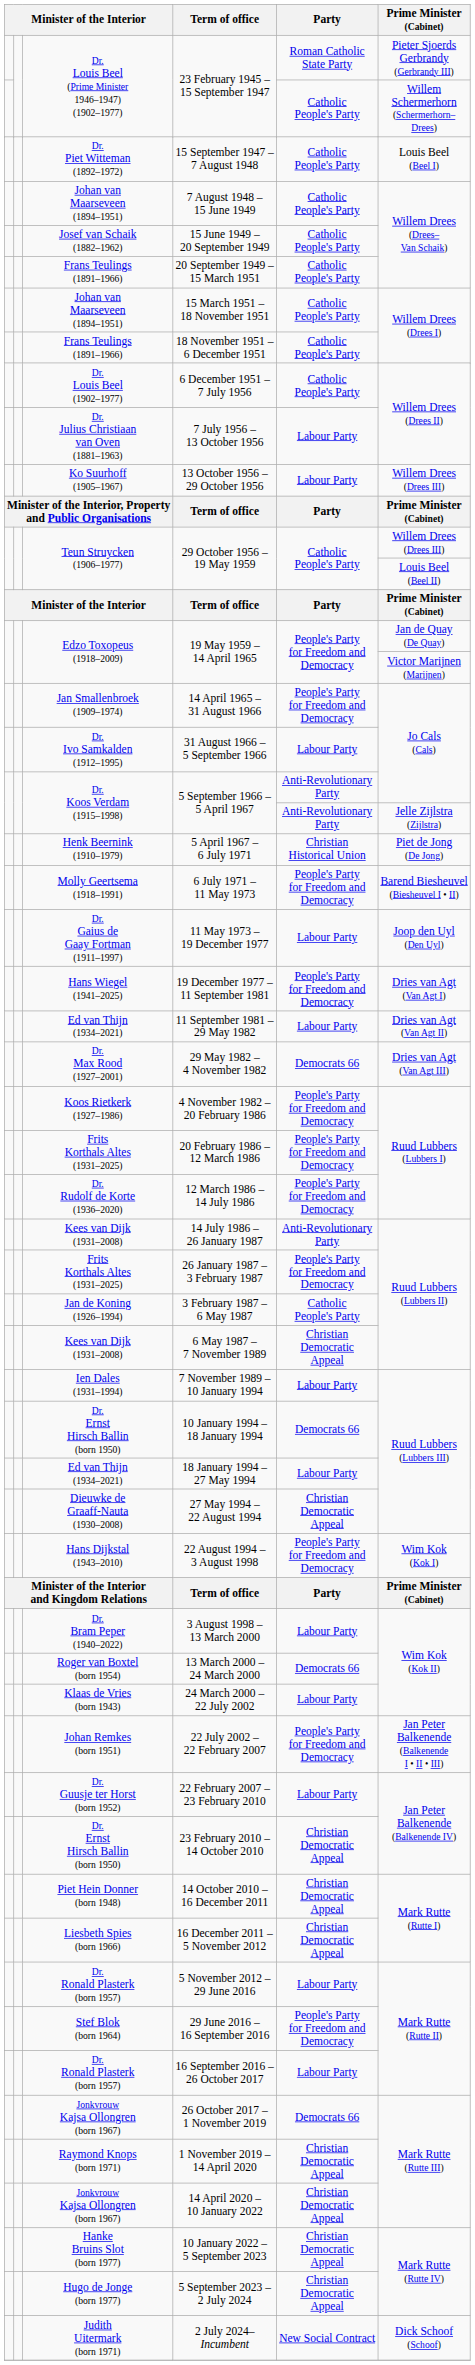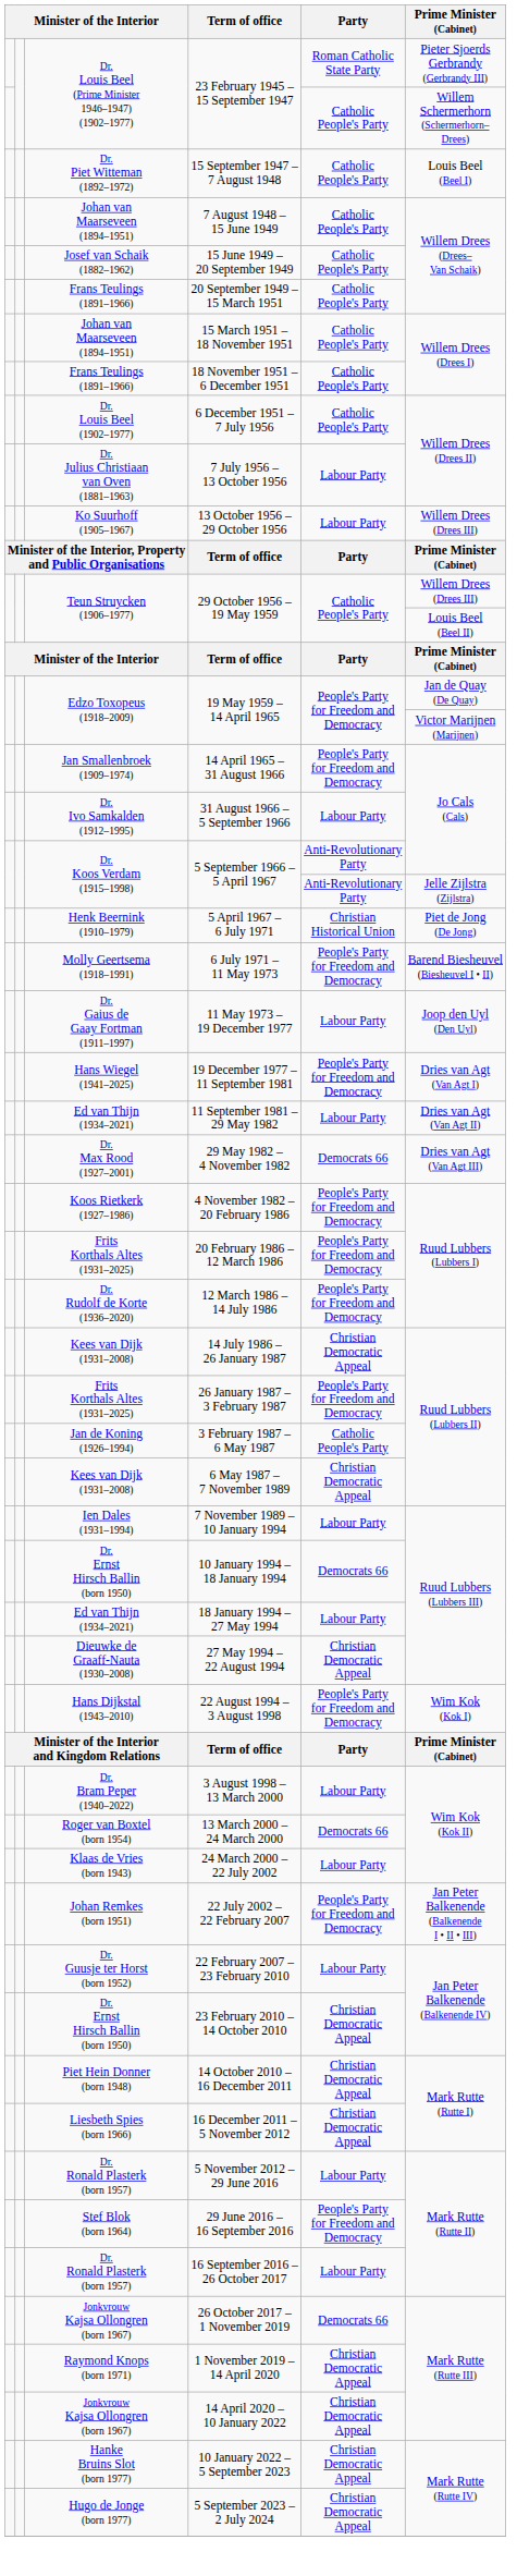 <table class="wikitable" style="text-align:center">
 <tr>
 <th colspan=3>Minister of the Interior</th>
 <th>Term of office</th>
 <th>Party</th>
 <th>Prime Minister <br> <small>(Cabinet)</small></th>
 </tr>
 <tr>
 <td style="background:"></td>
 <td rowspan=3></td>
 <td rowspan=3><small><a href='#'>Dr.</a></small> <br> <a href='#'>Louis Beel</a> <br> <small>(<a href='#'>Prime Minister</a> <br> 1946–1947)</small> <br> <small>(1902–1977)</small></td>
 <td rowspan=3>23 February 1945 – <br> 15 September 1947</td>
 <td><a href='#'>Roman Catholic <br> State Party</a></td>
 <td><a href='#'>Pieter Sjoerds <br> Gerbrandy</a> <br> <small>(<a href='#'>Gerbrandy III</a>)</small> </td>
 </tr>
 <tr>
 <td rowspan=2 style="background:"></td>
 <td rowspan=2><a href='#'>Catholic <br> People's Party</a></td>
 <td><a href='#'>Willem <br> Schermerhorn</a> <br> <small>(<a href='#'>Schermerhorn–<br>Drees</a>)</small> </td>
 </tr>
 <tr>
 <td rowspan=2>Louis Beel <br> <small>(<a href='#'>Beel I</a>)</small> <br></td>
 </tr>
 <tr>
 <td style="background:"></td>
 <td></td>
 <td><small><a href='#'>Dr.</a></small> <br> <a href='#'>Piet Witteman</a> <br> <small>(1892–1972)</small></td>
 <td>15 September 1947 – <br> 7 August 1948</td>
 <td><a href='#'>Catholic <br> People's Party</a></td>
 </tr>
 <tr>
 <td style="background:"></td>
 <td></td>
 <td><a href='#'>Johan van <br> Maarseveen</a> <br> <small>(1894–1951)</small></td>
 <td>7 August 1948 – <br> 15 June 1949 <br> </td>
 <td><a href='#'>Catholic <br> People's Party</a></td>
 <td rowspan=3><a href='#'>Willem Drees</a> <br> <small>(<a href='#'>Drees–<br>Van Schaik</a>)</small> <br></td>
 </tr>
 <tr>
 <td style="background:"></td>
 <td></td>
 <td><a href='#'>Josef van Schaik</a> <br> <small>(1882–1962)</small> <br> <small></small></td>
 <td>15 June 1949 – <br> 20 September 1949 <br>  </td>
 <td><a href='#'>Catholic <br> People's Party</a></td>
 </tr>
 <tr>
 <td style="background:"></td>
 <td></td>
 <td><a href='#'>Frans Teulings</a> <br> <small>(1891–1966)</small></td>
 <td>20 September 1949 – <br> 15 March 1951</td>
 <td><a href='#'>Catholic <br> People's Party</a></td>
 </tr>
 <tr>
 <td style="background:"></td>
 <td></td>
 <td><a href='#'>Johan van <br> Maarseveen</a> <br> <small>(1894–1951)</small></td>
 <td>15 March 1951 – <br> 18 November 1951 <br> </td>
 <td><a href='#'>Catholic <br> People's Party</a></td>
 <td rowspan=3><a href='#'>Willem Drees</a> <br> <small>(<a href='#'>Drees I</a>)</small> <br></td>
 </tr>
 <tr>
 <td style="background:"></td>
 <td></td>
 <td><a href='#'>Frans Teulings</a> <br> <small>(1891–1966)</small> <br> <small></small></td>
 <td>18 November 1951 – <br> 6 December 1951 <br>  </td>
 <td><a href='#'>Catholic <br> People's Party</a></td>
 </tr>
 <tr>
 <td rowspan=2 style="background:"></td>
 <td rowspan=2></td>
 <td rowspan=2><small><a href='#'>Dr.</a></small> <br> <a href='#'>Louis Beel</a> <br> <small>(1902–1977)</small> <br> <small></small></td>
 <td rowspan=2>6 December 1951 – <br> 7 July 1956 <br> </td>
 <td rowspan=2><a href='#'>Catholic <br> People's Party</a></td>
 </tr>
 <tr>
 <td rowspan=2><a href='#'>Willem Drees</a> <br> <small>(<a href='#'>Drees II</a>)</small> <br></td>
 </tr>
 <tr>
 <td style="background:"></td>
 <td></td>
 <td><small><a href='#'>Dr.</a></small> <br> <a href='#'>Julius Christiaan <br> van Oven</a> <br> <small>(1881–1963)</small></td>
 <td>7 July 1956 – <br> 13 October 1956 <br>  </td>
 <td><a href='#'>Labour Party</a></td>
 </tr>
 <tr>
 <td style="background:"></td>
 <td></td>
 <td><a href='#'>Ko Suurhoff</a> <br> <small>(1905–1967)</small></td>
 <td>13 October 1956 – <br> 29 October 1956 <br>  </td>
 <td><a href='#'>Labour Party</a></td>
 <td><a href='#'>Willem Drees</a> <br> <small>(<a href='#'>Drees III</a>)</small> <br></td>
 </tr>
 <tr>
 <th colspan=3>Minister of the Interior, Property <br> and <a href='#'>Public Organisations</a></th>
 <th>Term of office</th>
 <th>Party</th>
 <th>Prime Minister <br> <small>(Cabinet)</small></th>
 </tr>
 <tr>
 <td rowspan=2 style="background:"></td>
 <td rowspan=2></td>
 <td rowspan=2><a href='#'>Teun Struycken</a> <br> <small>(1906–1977)</small> <br> <small></small></td>
 <td rowspan=2>29 October 1956 – <br> 19 May 1959 <br> </td>
 <td rowspan=2><a href='#'>Catholic <br> People's Party</a></td>
 <td><a href='#'>Willem Drees</a> <br> <small>(<a href='#'>Drees III</a>)</small> <br></td>
 </tr>
 <tr>
 <td><a href='#'>Louis Beel</a> <br> <small>(<a href='#'>Beel II</a>)</small> <br></td>
 </tr>
 <tr>
 <th colspan=3>Minister of the Interior</th>
 <th>Term of office</th>
 <th>Party</th>
 <th>Prime Minister <br> <small>(Cabinet)</small></th>
 </tr>
 <tr>
 <td rowspan=2 style="background:"></td>
 <td rowspan=2></td>
 <td rowspan=2><a href='#'>Edzo Toxopeus</a> <br> <small>(1918–2009)</small></td>
 <td rowspan=2>19 May 1959 – <br> 14 April 1965</td>
 <td rowspan=2><a href='#'>People's Party <br> for Freedom and <br> Democracy</a></td>
 <td><a href='#'>Jan de Quay</a> <br> <small>(<a href='#'>De Quay</a>)</small> <br></td>
 </tr>
 <tr>
 <td><a href='#'>Victor Marijnen</a> <br> <small>(<a href='#'>Marijnen</a>)</small> <br></td>
 </tr>
 <tr>
 <td style="background:"></td>
 <td></td>
 <td><a href='#'>Jan Smallenbroek</a> <br> <small>(1909–1974)</small></td>
 <td>14 April 1965 – <br> 31 August 1966 <br> </td>
 <td><a href='#'>People's Party <br> for Freedom and <br> Democracy</a></td>
 <td rowspan=3><a href='#'>Jo Cals</a> <br> <small>(<a href='#'>Cals</a>)</small> <br></td>
 </tr>
 <tr>
 <td style="background:"></td>
 <td></td>
 <td><small><a href='#'>Dr.</a></small> <br> <a href='#'>Ivo Samkalden</a> <br> <small>(1912–1995)</small></td>
 <td>31 August 1966 – <br> 5 September 1966 <br>  </td>
 <td><a href='#'>Labour Party</a></td>
 </tr>
 <tr>
 <td rowspan=2 style="background:"></td>
 <td rowspan=2></td>
 <td rowspan=2><small><a href='#'>Dr.</a></small> <br> <a href='#'>Koos Verdam</a> <br> <small>(1915–1998)</small></td>
 <td rowspan=2>5 September 1966 – <br> 5 April 1967</td>
 <td><a href='#'>Anti-Revolutionary <br> Party</a></td>
 </tr>
 <tr>
 <td><a href='#'>Anti-Revolutionary <br> Party</a></td>
 <td><a href='#'>Jelle Zijlstra</a> <br> <small>(<a href='#'>Zijlstra</a>)</small> <br></td>
 </tr>
 <tr>
 <td style="background:"></td>
 <td></td>
 <td><a href='#'>Henk Beernink</a> <br> <small>(1910–1979)</small></td>
 <td>5 April 1967 – <br> 6 July 1971</td>
 <td><a href='#'>Christian <br> Historical Union</a></td>
 <td><a href='#'>Piet de Jong</a> <br> <small>(<a href='#'>De Jong</a>)</small> <br></td>
 </tr>
 <tr>
 <td style="background:"></td>
 <td></td>
 <td><a href='#'>Molly Geertsema</a> <br> <small>(1918–1991)</small> <br> <small></small></td>
 <td>6 July 1971 – <br> 11 May 1973</td>
 <td><a href='#'>People's Party <br> for Freedom and <br> Democracy</a></td>
 <td><a href='#'>Barend Biesheuvel</a> <br> <small>(<a href='#'>Biesheuvel I</a> • <a href='#'>II</a>)</small> <br></td>
 </tr>
 <tr>
 <td style="background:"></td>
 <td></td>
 <td><small><a href='#'>Dr.</a></small> <br> <a href='#'>Gaius de <br> Gaay Fortman</a> <br> <small>(1911–1997)</small> <br> <small></small></td>
 <td>11 May 1973 – <br> 19 December 1977 <br>  </td>
 <td><a href='#'>Labour Party</a></td>
 <td><a href='#'>Joop den Uyl</a> <br> <small>(<a href='#'>Den Uyl</a>)</small> <br></td>
 </tr>
 <tr>
 <td style="background:"></td>
 <td></td>
 <td><a href='#'>Hans Wiegel</a> <br> <small>(1941–2025)</small> <br> <small></small></td>
 <td>19 December 1977 – <br> 11 September 1981</td>
 <td><a href='#'>People's Party <br> for Freedom and <br> Democracy</a></td>
 <td><a href='#'>Dries van Agt</a> <br> <small>(<a href='#'>Van Agt I</a>)</small> <br></td>
 </tr>
 <tr>
 <td style="background:"></td>
 <td></td>
 <td><a href='#'>Ed van Thijn</a> <br> <small>(1934–2021)</small></td>
 <td>11 September 1981 – <br> 29 May 1982 <br> </td>
 <td><a href='#'>Labour Party</a></td>
 <td><a href='#'>Dries van Agt</a> <br> <small>(<a href='#'>Van Agt II</a>)</small> <br></td>
 </tr>
 <tr>
 <td style="background:"></td>
 <td></td>
 <td><small><a href='#'>Dr.</a></small> <br> <a href='#'>Max Rood</a> <br> <small>(1927–2001)</small></td>
 <td>29 May 1982 – <br> 4 November 1982</td>
 <td><a href='#'>Democrats 66</a></td>
 <td><a href='#'>Dries van Agt</a> <br> <small>(<a href='#'>Van Agt III</a>)</small> <br></td>
 </tr>
 <tr>
 <td style="background:"></td>
 <td></td>
 <td><a href='#'>Koos Rietkerk</a> <br> <small>(1927–1986)</small></td>
 <td>4 November 1982 – <br> 20 February 1986 <br> </td>
 <td><a href='#'>People's Party <br> for Freedom and <br> Democracy</a></td>
 <td rowspan=3><a href='#'>Ruud Lubbers</a> <br> <small>(<a href='#'>Lubbers I</a>)</small> <br></td>
 </tr>
 <tr>
 <td style="background:"></td>
 <td></td>
 <td><a href='#'>Frits <br> Korthals Altes</a> <br> <small>(1931–2025)</small></td>
 <td>20 February 1986 – <br> 12 March 1986 <br>  </td>
 <td><a href='#'>People's Party <br> for Freedom and <br> Democracy</a></td>
 </tr>
 <tr>
 <td style="background:"></td>
 <td></td>
 <td><small><a href='#'>Dr.</a></small> <br> <a href='#'>Rudolf de Korte</a> <br> <small>(1936–2020)</small></td>
 <td>12 March 1986 – <br> 14 July 1986</td>
 <td><a href='#'>People's Party <br> for Freedom and <br> Democracy</a></td>
 </tr>
 <tr>
 <td style="background:"></td>
 <td></td>
 <td><a href='#'>Kees van Dijk</a> <br> <small>(1931–2008)</small></td>
 <td>14 July 1986 – <br> 26 January 1987 <br> </td>
-<td><a href='#'>Anti-Revolutionary <br> Party</a></td>
+<td><a href='#'>Christian <br> Democratic <br> Appeal</a></td>
 <td rowspan=4><a href='#'>Ruud Lubbers</a> <br> <small>(<a href='#'>Lubbers II</a>)</small> <br></td>
 </tr>
 <tr>
 <td style="background:"></td>
 <td></td>
 <td><a href='#'>Frits <br> Korthals Altes</a> <br> <small>(1931–2025)</small></td>
 <td>26 January 1987 – <br> 3 February 1987 <br>  </td>
 <td><a href='#'>People's Party <br> for Freedom and <br> Democracy</a></td>
 </tr>
 <tr>
 <td style="background:"></td>
 <td></td>
 <td><a href='#'>Jan de Koning</a> <br> <small>(1926–1994)</small></td>
 <td>3 February 1987 – <br> 6 May 1987 <br> </td>
 <td><a href='#'>Catholic <br> People's Party</a></td>
 </tr>
 <tr>
 <td style="background:"></td>
 <td></td>
 <td><a href='#'>Kees van Dijk</a> <br> <small>(1931–2008)</small></td>
 <td>6 May 1987 – <br> 7 November 1989</td>
 <td><a href='#'>Christian <br> Democratic <br> Appeal</a></td>
 </tr>
 <tr>
 <td style="background:"></td>
 <td></td>
 <td><a href='#'>Ien Dales</a> <br> <small>(1931–1994)</small></td>
 <td>7 November 1989 – <br> 10 January 1994 <br> </td>
 <td><a href='#'>Labour Party</a></td>
 <td rowspan=4><a href='#'>Ruud Lubbers</a> <br> <small>(<a href='#'>Lubbers III</a>)</small> <br></td>
 </tr>
 <tr>
 <td style="background:"></td>
 <td></td>
 <td><small><a href='#'>Dr.</a></small> <br> <a href='#'>Ernst <br> Hirsch Ballin</a> <br> <small>(born 1950)</small></td>
 <td>10 January 1994 – <br> 18 January 1994 <br>  </td>
 <td><a href='#'>Democrats 66</a></td>
 </tr>
 <tr>
 <td style="background:"></td>
 <td></td>
 <td><a href='#'>Ed van Thijn</a> <br> <small>(1934–2021)</small></td>
 <td>18 January 1994 – <br> 27 May 1994 <br> </td>
 <td><a href='#'>Labour Party</a></td>
 </tr>
 <tr>
 <td style="background:"></td>
 <td></td>
 <td><a href='#'>Dieuwke de <br> Graaff-Nauta</a> <br> <small>(1930–2008)</small></td>
 <td>27 May 1994 – <br> 22 August 1994</td>
 <td><a href='#'>Christian <br> Democratic <br> Appeal</a></td>
 </tr>
 <tr>
 <td style="background:"></td>
 <td></td>
 <td><a href='#'>Hans Dijkstal</a> <br> <small>(1943–2010)</small> <br> <small></small></td>
 <td>22 August 1994 – <br> 3 August 1998</td>
 <td><a href='#'>People's Party <br> for Freedom and <br> Democracy</a></td>
 <td><a href='#'>Wim Kok</a> <br> <small>(<a href='#'>Kok I</a>)</small> <br></td>
 </tr>
 <tr>
 <th colspan=3>Minister of the Interior <br> and Kingdom Relations</th>
 <th>Term of office</th>
 <th>Party</th>
 <th>Prime Minister <br> <small>(Cabinet)</small></th>
 </tr>
 <tr>
 <td style="background:"></td>
 <td></td>
 <td><small><a href='#'>Dr.</a></small> <br> <a href='#'>Bram Peper</a> <br> <small>(1940–2022)</small></td>
 <td>3 August 1998 – <br> 13 March 2000 <br> </td>
 <td><a href='#'>Labour Party</a></td>
 <td rowspan=3><a href='#'>Wim Kok</a> <br> <small>(<a href='#'>Kok II</a>)</small> <br></td>
 </tr>
 <tr>
 <td style="background:"></td>
 <td></td>
 <td><a href='#'>Roger van Boxtel</a> <br> <small>(born 1954)</small></td>
 <td>13 March 2000 – <br> 24 March 2000 <br> </td>
 <td><a href='#'>Democrats 66</a></td>
 </tr>
 <tr>
 <td style="background:"></td>
 <td></td>
 <td><a href='#'>Klaas de Vries</a> <br> <small>(born 1943)</small></td>
 <td>24 March 2000 – <br> 22 July 2002</td>
 <td><a href='#'>Labour Party</a></td>
 </tr>
 <tr>
 <td style="background:"></td>
 <td></td>
 <td><a href='#'>Johan Remkes</a> <br> <small>(born 1951)</small> <br> <small></small></td>
 <td>22 July 2002 – <br> 22 February 2007</td>
 <td><a href='#'>People's Party <br> for Freedom and <br> Democracy</a></td>
 <td><a href='#'>Jan Peter <br> Balkenende</a> <br> <small>(<a href='#'>Balkenende <br> I</a> • <a href='#'>II</a> • <a href='#'>III</a>)</small> <br></td>
 </tr>
 <tr>
 <td style="background:"></td>
 <td></td>
 <td><small><a href='#'>Dr.</a></small> <br> <a href='#'>Guusje ter Horst</a> <br> <small>(born 1952)</small></td>
 <td>22 February 2007 – <br> 23 February 2010 <br> </td>
 <td><a href='#'>Labour Party</a></td>
 <td rowspan=2><a href='#'>Jan Peter <br> Balkenende</a> <br> <small>(<a href='#'>Balkenende IV</a>)</small> <br></td>
 </tr>
 <tr>
 <td style="background:"></td>
 <td></td>
 <td><small><a href='#'>Dr.</a></small> <br> <a href='#'>Ernst <br> Hirsch Ballin</a> <br> <small>(born 1950)</small></td>
 <td>23 February 2010 – <br> 14 October 2010</td>
 <td><a href='#'>Christian <br> Democratic <br> Appeal</a></td>
 </tr>
 <tr>
 <td style="background:"></td>
 <td></td>
 <td><a href='#'>Piet Hein Donner</a> <br> <small>(born 1948)</small></td>
 <td>14 October 2010 – <br> 16 December 2011 <br> </td>
 <td><a href='#'>Christian <br> Democratic <br> Appeal</a></td>
 <td rowspan=2><a href='#'>Mark Rutte</a> <br> <small>(<a href='#'>Rutte I</a>)</small> <br></td>
 </tr>
 <tr>
 <td style="background:"></td>
 <td></td>
 <td><a href='#'>Liesbeth Spies</a> <br> <small>(born 1966)</small></td>
 <td>16 December 2011 – <br> 5 November 2012</td>
 <td><a href='#'>Christian <br> Democratic <br> Appeal</a></td>
 </tr>
 <tr>
 <td style="background:"></td>
 <td></td>
 <td><small><a href='#'>Dr.</a></small> <br> <a href='#'>Ronald Plasterk</a> <br> <small>(born 1957)</small></td>
 <td>5 November 2012 – <br> 29 June 2016 <br> </td>
 <td><a href='#'>Labour Party</a></td>
 <td rowspan=3><a href='#'>Mark Rutte</a> <br> <small>(<a href='#'>Rutte II</a>)</small> <br></td>
 </tr>
 <tr>
 <td style="background:"></td>
 <td></td>
 <td><a href='#'>Stef Blok</a> <br> <small>(born 1964)</small></td>
 <td>29 June 2016 – <br> 16 September 2016 <br> </td>
 <td><a href='#'>People's Party <br> for Freedom and <br> Democracy</a></td>
 </tr>
 <tr>
 <td style="background:"></td>
 <td></td>
 <td><small><a href='#'>Dr.</a></small> <br> <a href='#'>Ronald Plasterk</a> <br> <small>(born 1957)</small></td>
 <td>16 September 2016 – <br> 26 October 2017</td>
 <td><a href='#'>Labour Party</a></td>
 </tr>
 <tr>
 <td style="background:"></td>
 <td></td>
 <td><small><a href='#'>Jonkvrouw</a></small> <br> <a href='#'>Kajsa Ollongren</a> <br> <small>(born 1967)</small> <br> <small></small></td>
 <td>26 October 2017 – <br> 1 November 2019 <br> </td>
 <td><a href='#'>Democrats 66</a></td>
 <td rowspan=3><a href='#'>Mark Rutte</a> <br> <small>(<a href='#'>Rutte III</a>)</small> <br></td>
 </tr>
 <tr>
 <td style="background:"></td>
 <td></td>
 <td><a href='#'>Raymond Knops</a> <br> <small>(born 1971)</small></td>
 <td>1 November 2019 – <br> 14 April 2020 <br> </td>
 <td><a href='#'>Christian <br> Democratic <br> Appeal</a></td>
 </tr>
 <tr>
 <td style="background:"></td>
 <td></td>
 <td><small><a href='#'>Jonkvrouw</a></small> <br> <a href='#'>Kajsa Ollongren</a> <br> <small>(born 1967)</small> <br> <small></small></td>
 <td>14 April 2020 – <br> 10 January 2022</td>
 <td><a href='#'>Christian <br> Democratic <br> Appeal</a></td>
 </tr>
 <tr>
 <td style="background:"></td>
 <td></td>
 <td><a href='#'>Hanke <br> Bruins Slot</a> <br> <small>(born 1977)</small></td>
 <td>10 January 2022 – <br> 5 September 2023 <br> </td>
 <td><a href='#'>Christian <br> Democratic <br> Appeal</a></td>
 <td rowspan=2><a href='#'>Mark Rutte</a> <br> <small>(<a href='#'>Rutte IV</a>)</small> <br></td>
 </tr>
 <tr>
 <td style="background:"></td>
 <td></td>
 <td><a href='#'>Hugo de Jonge</a> <br> <small>(born 1977)</small></td>
 <td>5 September 2023 – <br> 2 July 2024</td>
 <td><a href='#'>Christian <br> Democratic <br> Appeal</a></td>
 </tr>
 <tr>
-<td style="background:"></td>
-<td></td>
-<td><a href='#'>Judith <br> Uitermark</a> <br> <small>(born 1971)</small></td>
-<td>2 July 2024– <br> <em>Incumbent</em></td>
-<td><a href='#'>New Social Contract</a></td>
-<td><a href='#'>Dick Schoof</a> <br> <small>(<a href='#'>Schoof</a>)</small></td>
-</tr>
-<tr>
 </tr>
 </table>
